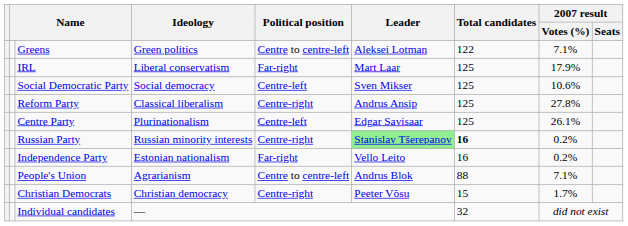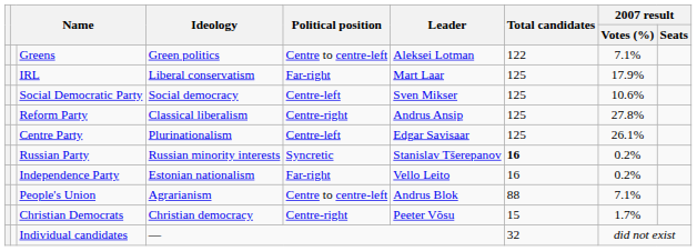 <table class="wikitable" style="text-align:left">
 <tr>
 <th rowspan="2"></th>
 <th colspan="2" rowspan="2">Name</th>
 <th rowspan="2">Ideology</th>
 <th rowspan="2">Political position</th>
 <th rowspan="2">Leader</th>
 <th rowspan="2">Total candidates</th>
 <th colspan="2">2007 result</th>
 </tr>
 <tr>
 <th>Votes (%)</th>
 <th>Seats</th>
 </tr>
 <tr>
 <th></th>
 <td style="color:inherit;background:"></td>
 <td><a href='#'>Greens</a></td>
 <td><a href='#'>Green politics</a></td>
 <td><a href='#'>Centre</a> to <a href='#'>centre-left</a></td>
 <td><a href='#'>Aleksei Lotman</a></td>
 <td>122</td>
 <td style="text-align:center">7.1%</td>
 <td></td>
 </tr>
 <tr>
 <th></th>
 <td style="color:inherit;background:"></td>
 <td><a href='#'>IRL</a></td>
 <td><a href='#'>Liberal conservatism</a></td>
 <td><a href='#'>Far-right</a></td>
 <td><a href='#'>Mart Laar</a></td>
 <td>125</td>
 <td style="text-align:center">17.9%</td>
 <td></td>
 </tr>
 <tr>
 <th></th>
 <td style="color:inherit;background:"></td>
 <td><a href='#'>Social Democratic Party</a></td>
 <td><a href='#'>Social democracy</a></td>
 <td><a href='#'>Centre-left</a></td>
 <td><a href='#'>Sven Mikser</a></td>
 <td>125</td>
 <td style="text-align:center">10.6%</td>
 <td></td>
 </tr>
 <tr>
 <th></th>
 <td style="color:inherit;background:"></td>
 <td><a href='#'>Reform Party</a></td>
 <td><a href='#'>Classical liberalism</a></td>
 <td><a href='#'>Centre-right</a></td>
 <td><a href='#'>Andrus Ansip</a></td>
 <td>125</td>
 <td style="text-align:center">27.8%</td>
 <td></td>
 </tr>
 <tr>
 <th></th>
 <td style="color:inherit;background:"></td>
 <td><a href='#'>Centre Party</a></td>
 <td><a href='#'>Plurinationalism</a></td>
 <td><a href='#'>Centre-left</a></td>
 <td><a href='#'>Edgar Savisaar</a></td>
 <td>125</td>
 <td style="text-align:center">26.1%</td>
 <td></td>
 </tr>
 <tr>
 <th></th>
 <td style="color:inherit;background:"></td>
 <td><a href='#'>Russian Party</a></td>
 <td><a href='#'>Russian minority interests</a></td>
-<td><a href='#'>Centre-right</a></td>
-<td style="background: lightgreen;"><a href='#'>Stanislav Tšerepanov</a></td>
+<td><a href='#'>Syncretic</a></td>
+<td><a href='#'>Stanislav Tšerepanov</a></td>
 <td><strong>16</strong></td>
 <td style="text-align:center">0.2%</td>
 <td></td>
 </tr>
 <tr>
 <th></th>
 <td style="color:inherit;background:"></td>
 <td><a href='#'>Independence Party</a></td>
 <td><a href='#'>Estonian nationalism</a></td>
 <td><a href='#'>Far-right</a></td>
 <td><a href='#'>Vello Leito</a></td>
 <td>16</td>
 <td style="text-align:center">0.2%</td>
 <td></td>
 </tr>
 <tr>
 <th></th>
 <td style="color:inherit;background:"></td>
 <td><a href='#'>People's Union</a></td>
 <td><a href='#'>Agrarianism</a></td>
 <td><a href='#'>Centre</a> to <a href='#'>centre-left</a></td>
 <td><a href='#'>Andrus Blok</a></td>
 <td>88</td>
 <td style="text-align:center">7.1%</td>
 <td></td>
 </tr>
 <tr>
 <th></th>
 <td style="color:inherit;background:"></td>
 <td><a href='#'>Christian Democrats</a></td>
 <td><a href='#'>Christian democracy</a></td>
 <td><a href='#'>Centre-right</a></td>
 <td><a href='#'>Peeter Võsu</a></td>
 <td>15</td>
 <td style="text-align:center">1.7%</td>
 <td></td>
 </tr>
 <tr>
 <th></th>
 <td style="color:inherit;background:"></td>
 <td><a href='#'>Individual candidates</a></td>
 <td colspan="3">—</td>
 <td>32</td>
 <td colspan="2" style="text-align:center"><em>did not exist</em></td>
 </tr>
 </table>
